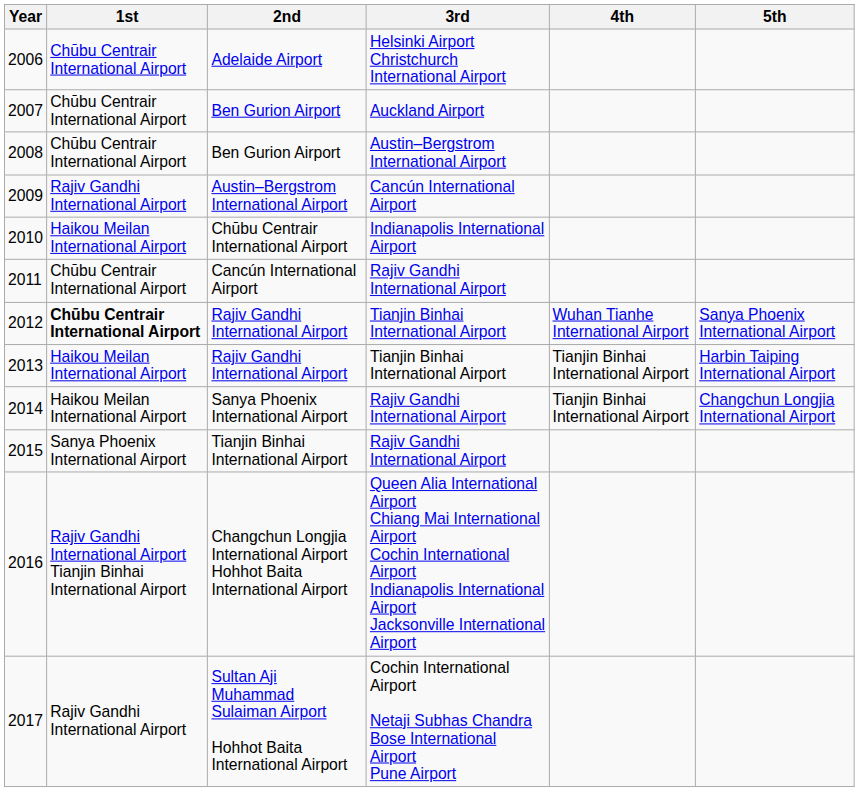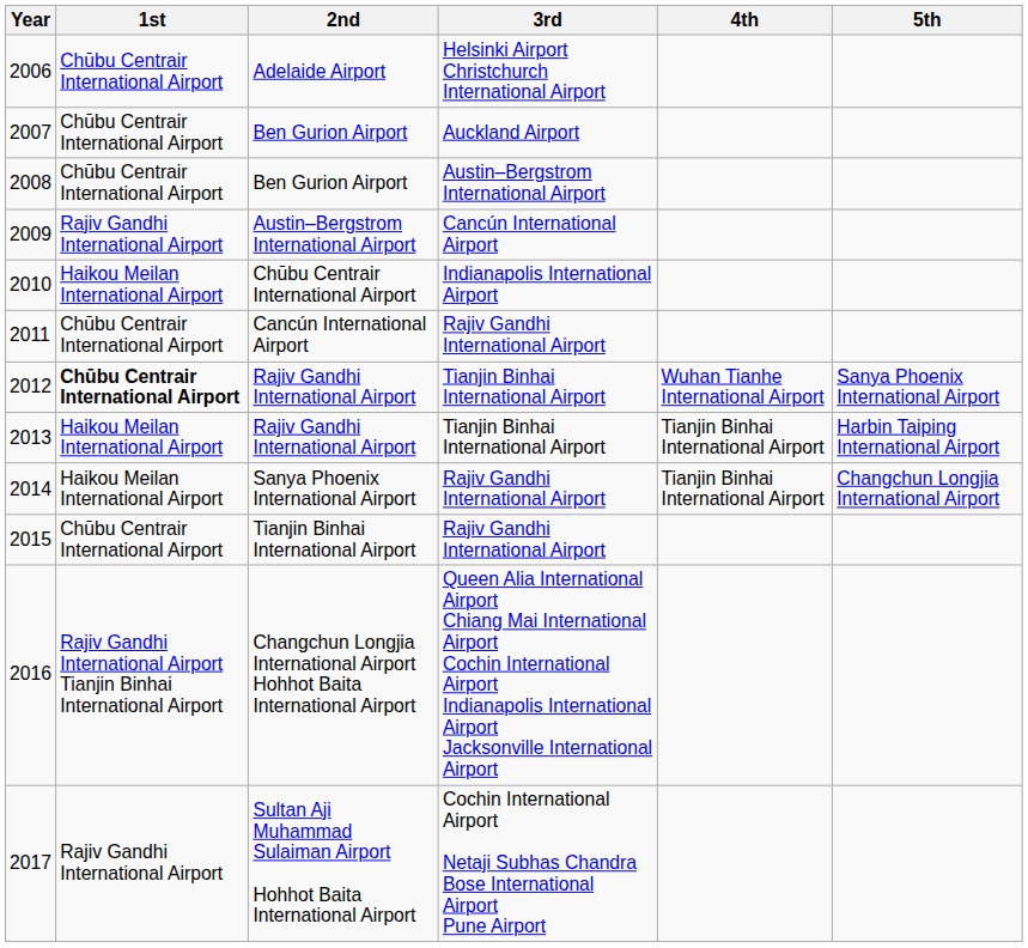 <table class="wikitable">
 <tr>
 <th>Year</th>
 <th>1st</th>
 <th>2nd</th>
 <th>3rd</th>
 <th>4th</th>
 <th>5th</th>
 </tr>
 <tr>
 <td>2006</td>
 <td> <a href='#'>Chūbu Centrair International Airport</a></td>
 <td> <a href='#'>Adelaide Airport</a></td>
 <td> <a href='#'>Helsinki Airport</a><br> <a href='#'>Christchurch International Airport</a></td>
 <td></td>
 <td></td>
 </tr>
 <tr>
 <td>2007</td>
 <td> Chūbu Centrair International Airport</td>
 <td> <a href='#'>Ben Gurion Airport</a></td>
 <td> <a href='#'>Auckland Airport</a></td>
 <td></td>
 <td></td>
 </tr>
 <tr>
 <td>2008</td>
 <td> Chūbu Centrair International Airport</td>
 <td> Ben Gurion Airport</td>
 <td> <a href='#'>Austin–Bergstrom International Airport</a></td>
 <td></td>
 <td></td>
 </tr>
 <tr>
 <td>2009</td>
 <td> <a href='#'>Rajiv Gandhi International Airport</a></td>
 <td> <a href='#'>Austin–Bergstrom International Airport</a></td>
 <td> <a href='#'>Cancún International Airport</a></td>
 <td></td>
 <td></td>
 </tr>
 <tr>
 <td>2010</td>
 <td> <a href='#'>Haikou Meilan International Airport</a></td>
 <td> Chūbu Centrair International Airport</td>
 <td> <a href='#'>Indianapolis International Airport</a></td>
 <td></td>
 <td></td>
 </tr>
 <tr>
 <td>2011</td>
 <td> Chūbu Centrair International Airport</td>
 <td> Cancún International Airport</td>
 <td> <a href='#'>Rajiv Gandhi International Airport</a></td>
 <td></td>
 <td></td>
 </tr>
 <tr>
 <td>2012</td>
 <td><strong> Chūbu Centrair International Airport</strong></td>
 <td> <a href='#'>Rajiv Gandhi International Airport</a></td>
 <td> <a href='#'>Tianjin Binhai International Airport</a></td>
 <td> <a href='#'>Wuhan Tianhe International Airport</a></td>
 <td> <a href='#'>Sanya Phoenix International Airport</a></td>
 </tr>
 <tr>
 <td>2013</td>
 <td> <a href='#'>Haikou Meilan International Airport</a></td>
 <td> <a href='#'>Rajiv Gandhi International Airport</a></td>
 <td> Tianjin Binhai International Airport</td>
 <td> Tianjin Binhai International Airport</td>
 <td> <a href='#'>Harbin Taiping International Airport</a></td>
 </tr>
 <tr>
 <td>2014</td>
 <td> Haikou Meilan International Airport</td>
 <td> Sanya Phoenix International Airport</td>
 <td> <a href='#'>Rajiv Gandhi International Airport</a></td>
 <td> Tianjin Binhai International Airport</td>
 <td> <a href='#'>Changchun Longjia International Airport</a></td>
 </tr>
 <tr>
 <td>2015</td>
-<td> Sanya Phoenix International Airport</td>
+<td> Chūbu Centrair International Airport</td>
 <td> Tianjin Binhai International Airport</td>
 <td> <a href='#'>Rajiv Gandhi International Airport</a></td>
 <td></td>
 <td></td>
 </tr>
 <tr>
 <td>2016</td>
 <td> <a href='#'>Rajiv Gandhi International Airport</a><br> Tianjin Binhai International Airport</td>
 <td> Changchun Longjia International Airport<br> Hohhot Baita International Airport</td>
 <td> <a href='#'>Queen Alia International Airport</a><br> <a href='#'>Chiang Mai International Airport</a><br> <a href='#'>Cochin International Airport</a><br> <a href='#'>Indianapolis International Airport</a><br> <a href='#'>Jacksonville International Airport</a></td>
 <td></td>
 <td></td>
 </tr>
 <tr>
 <td>2017</td>
 <td> Rajiv Gandhi International Airport</td>
 <td> <a href='#'>Sultan Aji Muhammad Sulaiman Airport</a><br><br> Hohhot Baita International Airport</td>
 <td> Cochin International Airport<br><br> <a href='#'>Netaji Subhas Chandra Bose International Airport</a><br>  <a href='#'>Pune Airport</a></td>
 <td></td>
 <td></td>
 </tr>
 </table>
